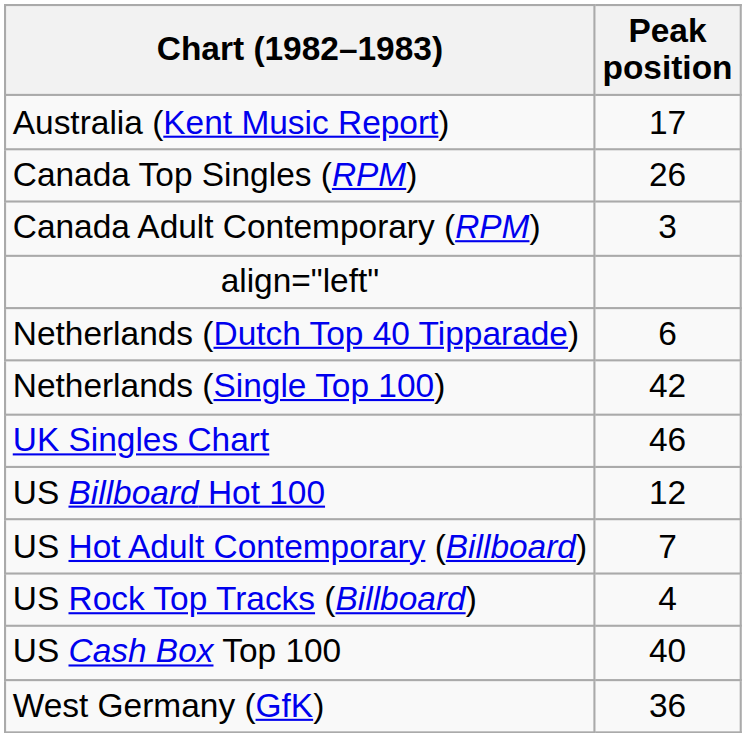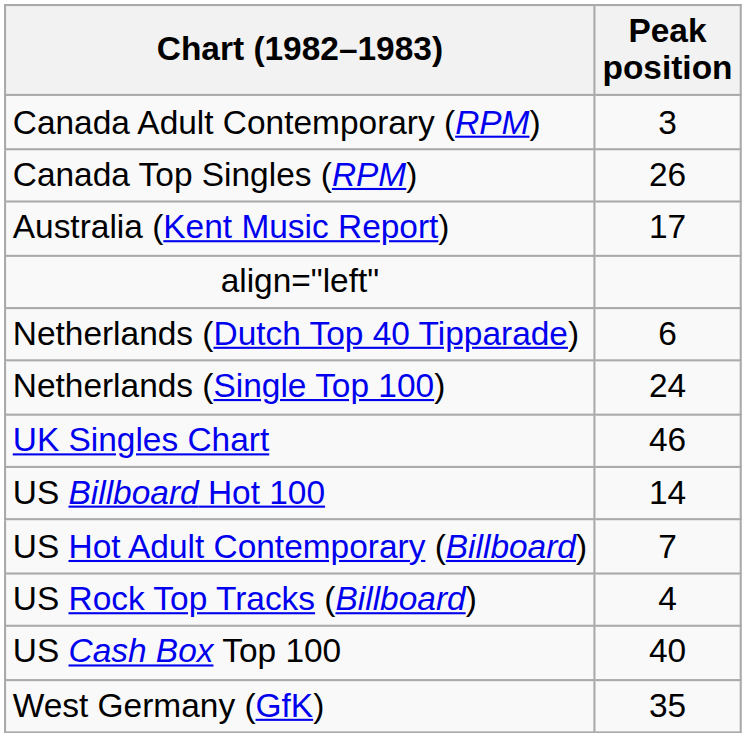 <table class="wikitable sortable" style="text-align:center">
 <tr>
 <th>Chart (1982–1983)</th>
 <th>Peak<br>position</th>
 </tr>
 <tr>
-<td align="left">Australia (<a href='#'>Kent Music Report</a>)</td>
-<td>17</td>
+<td align="left">Canada Adult Contemporary (<em><a href='#'>RPM</a></em>)</td>
+<td>3</td>
 </tr>
 <tr>
 <td align="left">Canada Top Singles (<em><a href='#'>RPM</a></em>)</td>
 <td>26</td>
 </tr>
 <tr>
-<td align="left">Canada Adult Contemporary (<em><a href='#'>RPM</a></em>)</td>
-<td>3</td>
+<td align="left">Australia (<a href='#'>Kent Music Report</a>)</td>
+<td>17</td>
 </tr>
 <tr>
 <td>align="left"</td>
 </tr>
 <tr>
 <td align="left">Netherlands (<a href='#'>Dutch Top 40 Tipparade</a>)</td>
 <td>6</td>
 </tr>
 <tr>
 <td align="left">Netherlands (<a href='#'>Single Top 100</a>)</td>
-<td>42</td>
+<td>24</td>
 </tr>
 <tr>
 <td align="left"><a href='#'>UK Singles Chart</a></td>
 <td>46</td>
 </tr>
 <tr>
 <td align="left">US <a href='#'><em>Billboard</em> Hot 100</a></td>
-<td>12</td>
+<td>14</td>
 </tr>
 <tr>
 <td align="left">US <a href='#'>Hot Adult Contemporary</a> (<a href='#'><em>Billboard</em></a>)</td>
 <td>7</td>
 </tr>
 <tr>
 <td align="left">US <a href='#'>Rock Top Tracks</a> (<a href='#'><em>Billboard</em></a>)</td>
 <td>4</td>
 </tr>
 <tr>
 <td align="left">US <em><a href='#'>Cash Box</a></em> Top 100</td>
 <td>40</td>
 </tr>
 <tr>
 <td align="left">West Germany (<a href='#'>GfK</a>)</td>
-<td>36</td>
+<td>35</td>
 </tr>
 </table>
